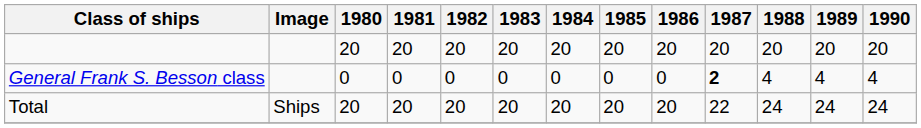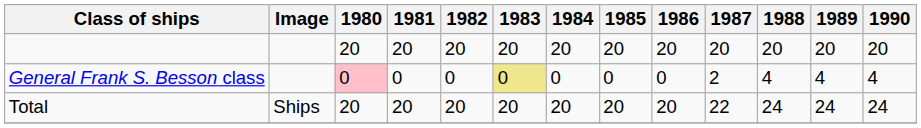 <table class="wikitable sortable collapsible collapsed">
 <tr>
 <th style="width:29%;">Class of ships</th>
 <th>Image</th>
 <th>1980</th>
 <th>1981</th>
 <th>1982</th>
 <th>1983</th>
 <th>1984</th>
 <th>1985</th>
 <th>1986</th>
 <th>1987</th>
 <th>1988</th>
 <th>1989</th>
 <th>1990</th>
 </tr>
 <tr valign="top">
 <td></td>
 <td></td>
 <td>20</td>
 <td>20</td>
 <td>20</td>
 <td>20</td>
 <td>20</td>
 <td>20</td>
 <td>20</td>
 <td>20</td>
 <td>20</td>
 <td>20</td>
 <td>20</td>
 </tr>
 <tr valign="top">
 <td><a href='#'><em>General Frank S. Besson</em> class</a></td>
 <td></td>
+<td style="background: pink;">0</td>
+<td>0</td>
+<td>0</td>
+<td style="background: khaki;">0</td>
 <td>0</td>
 <td>0</td>
 <td>0</td>
-<td>0</td>
-<td>0</td>
-<td>0</td>
-<td>0</td>
-<td><strong>2</strong></td>
+<td>2</td>
 <td>4</td>
 <td>4</td>
 <td>4</td>
 </tr>
 <tr valign="top">
 <td>Total</td>
 <td>Ships</td>
 <td>20</td>
 <td>20</td>
 <td>20</td>
 <td>20</td>
 <td>20</td>
 <td>20</td>
 <td>20</td>
 <td>22</td>
 <td>24</td>
 <td>24</td>
 <td>24</td>
 </tr>
 <tr>
 </tr>
 </table>
